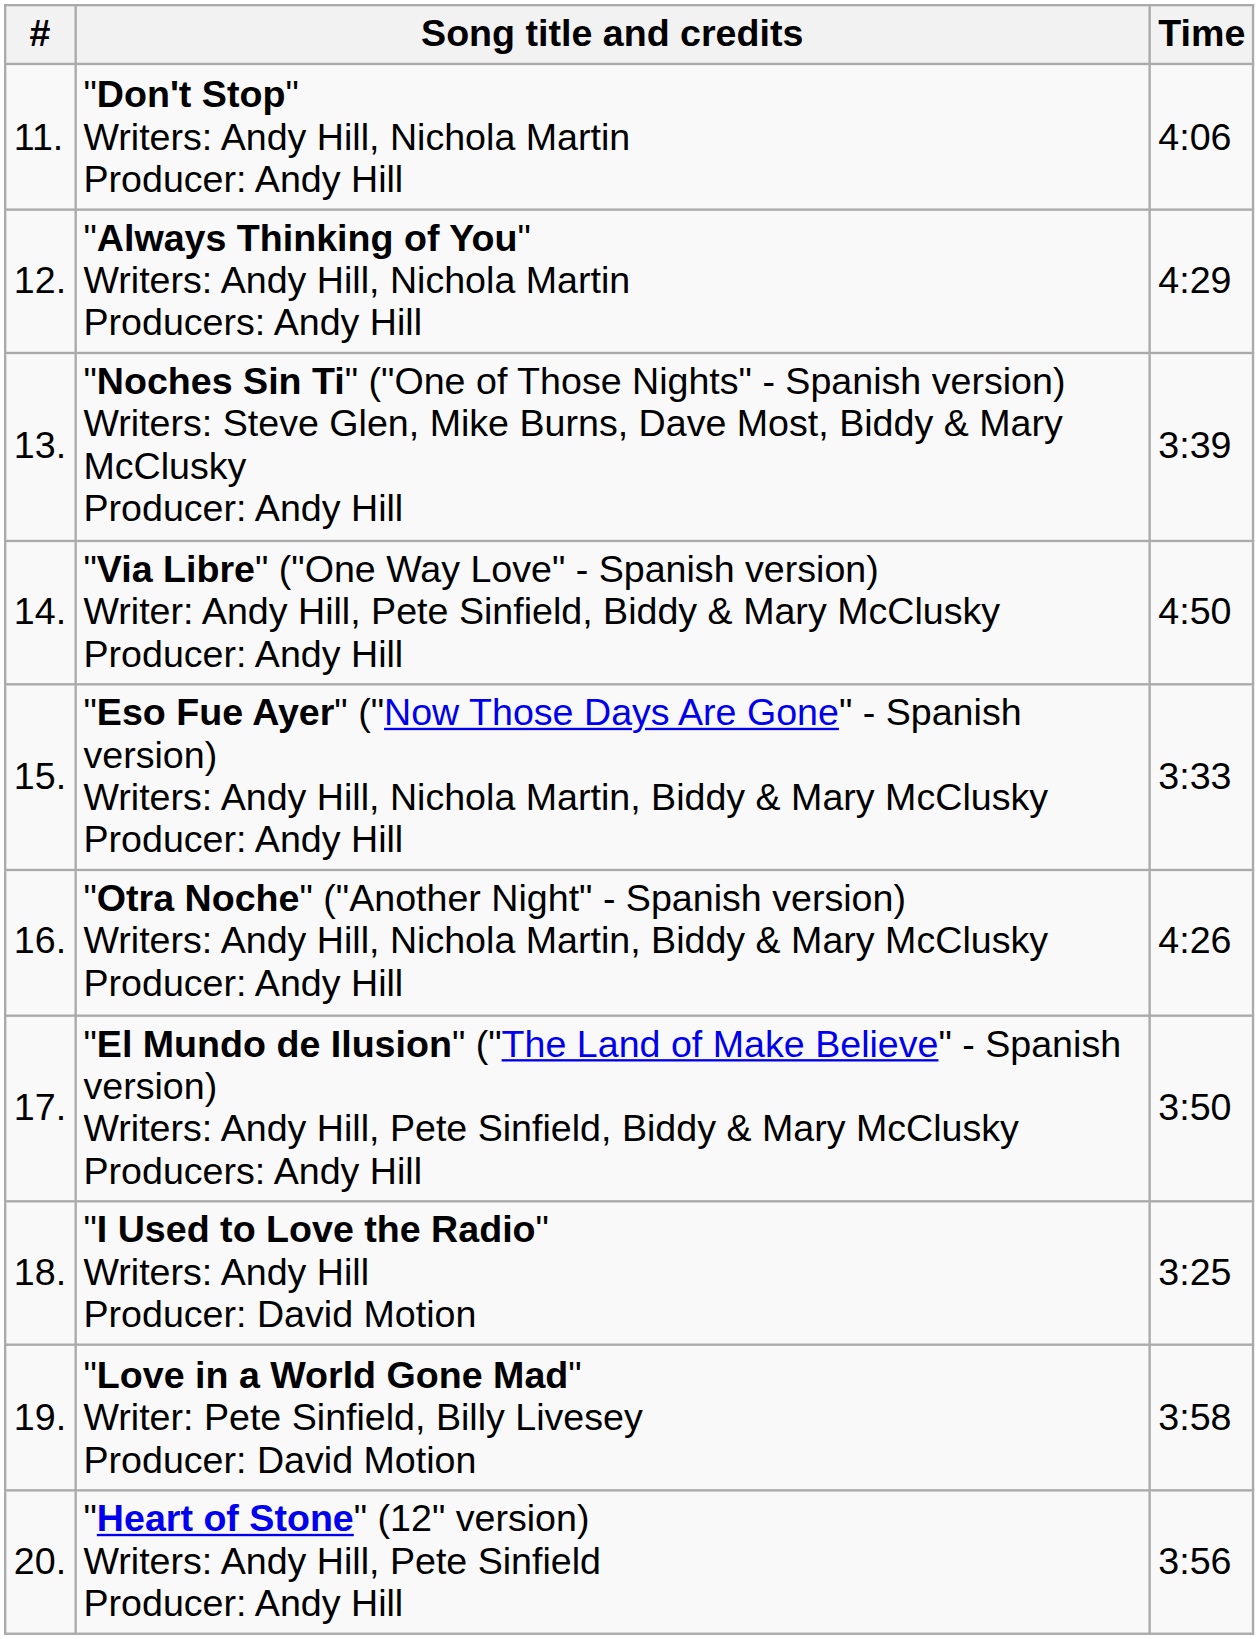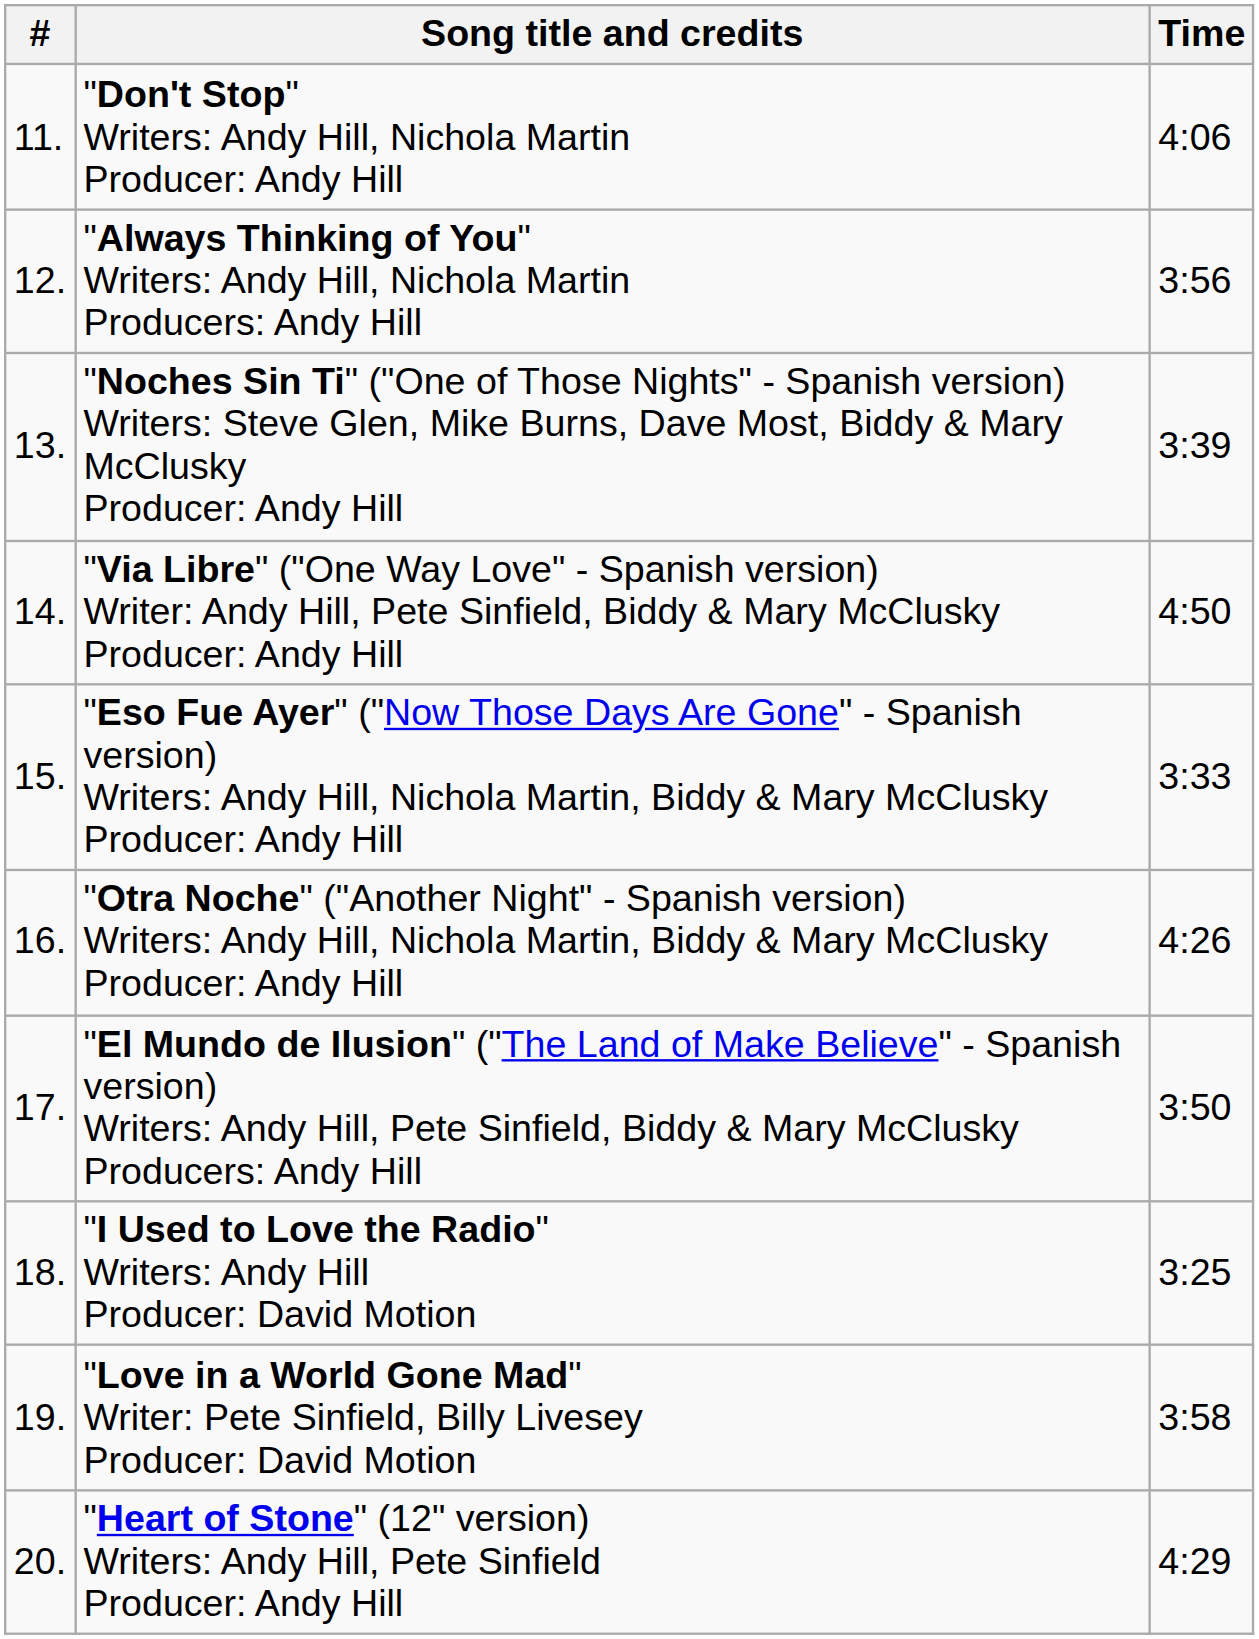 <table class="wikitable">
 <tr>
 <th>#</th>
 <th width="450">Song title and credits</th>
 <th>Time</th>
 </tr>
 <tr>
 <td>11.</td>
 <td>"<strong>Don't Stop</strong>" <br>Writers: Andy Hill, Nichola Martin<br>Producer: Andy Hill</td>
 <td>4:06</td>
 </tr>
 <tr>
 <td>12.</td>
 <td>"<strong>Always Thinking of You</strong>" <br>Writers: Andy Hill, Nichola Martin <br>Producers: Andy Hill</td>
-<td>4:29</td>
+<td>3:56</td>
 </tr>
 <tr>
 <td>13.</td>
 <td>"<strong>Noches Sin Ti</strong>" ("One of Those Nights" - Spanish version) <br>Writers: Steve Glen, Mike Burns, Dave Most, Biddy & Mary McClusky<br>Producer: Andy Hill</td>
 <td>3:39</td>
 </tr>
 <tr>
 <td>14.</td>
 <td>"<strong>Via Libre</strong>" ("One Way Love" - Spanish version)<br>Writer: Andy Hill, Pete Sinfield, Biddy & Mary McClusky<br>Producer: Andy Hill</td>
 <td>4:50</td>
 </tr>
 <tr>
 <td>15.</td>
 <td>"<strong>Eso Fue Ayer</strong>" ("<a href='#'>Now Those Days Are Gone</a>" - Spanish version)<br> Writers: Andy Hill, Nichola Martin, Biddy & Mary McClusky<br>Producer: Andy Hill</td>
 <td>3:33</td>
 </tr>
 <tr>
 <td>16.</td>
 <td>"<strong>Otra Noche</strong>" ("Another Night" - Spanish version)<br>Writers: Andy Hill, Nichola Martin, Biddy & Mary McClusky<br>Producer: Andy Hill</td>
 <td>4:26</td>
 </tr>
 <tr>
 <td>17.</td>
 <td>"<strong>El Mundo de Ilusion</strong>" ("<a href='#'>The Land of Make Believe</a>" - Spanish version)<br>Writers: Andy Hill, Pete Sinfield, Biddy & Mary McClusky <br>Producers: Andy Hill</td>
 <td>3:50</td>
 </tr>
 <tr>
 <td>18.</td>
 <td>"<strong>I Used to Love the Radio</strong>" <br>Writers: Andy Hill<br>Producer: David Motion</td>
 <td>3:25</td>
 </tr>
 <tr>
 <td>19.</td>
 <td>"<strong>Love in a World Gone Mad</strong>" <br>Writer: Pete Sinfield, Billy Livesey<br>Producer: David Motion</td>
 <td>3:58</td>
 </tr>
 <tr>
 <td>20.</td>
 <td>"<strong><a href='#'>Heart of Stone</a></strong>" (12" version) <br> Writers: Andy Hill, Pete Sinfield<br>Producer: Andy Hill</td>
-<td>3:56</td>
+<td>4:29</td>
 </tr>
 </table>
